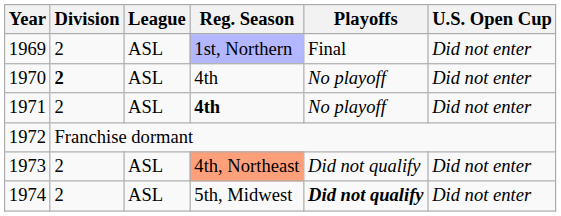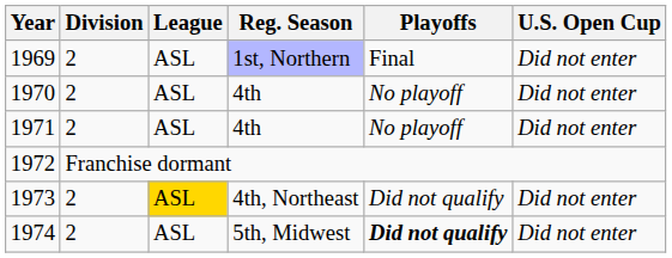 <table class="wikitable">
 <tr>
 <th>Year</th>
 <th>Division</th>
 <th>League</th>
 <th>Reg. Season</th>
 <th>Playoffs</th>
 <th>U.S. Open Cup</th>
 </tr>
 <tr>
 <td>1969</td>
 <td>2</td>
 <td>ASL</td>
 <td bgcolor="B3B7FF">1st, Northern</td>
 <td>Final</td>
 <td><em>Did not enter</em></td>
 </tr>
 <tr>
 <td>1970</td>
-<td><strong>2</strong></td>
+<td>2</td>
 <td>ASL</td>
 <td>4th</td>
 <td><em>No playoff</em></td>
 <td><em>Did not enter</em></td>
 </tr>
 <tr>
 <td>1971</td>
 <td>2</td>
 <td>ASL</td>
-<td><strong>4th</strong></td>
+<td>4th</td>
 <td><em>No playoff</em></td>
 <td><em>Did not enter</em></td>
 </tr>
 <tr>
 <td>1972</td>
 <td colspan=5>Franchise dormant</td>
 </tr>
 <tr>
 <td>1973</td>
 <td>2</td>
-<td>ASL</td>
-<td style="background: lightsalmon;">4th, Northeast</td>
+<td style="background: gold;">ASL</td>
+<td>4th, Northeast</td>
 <td><em>Did not qualify</em></td>
 <td><em>Did not enter</em></td>
 </tr>
 <tr>
 <td>1974</td>
 <td>2</td>
 <td>ASL</td>
 <td>5th, Midwest</td>
 <td><strong><em>Did not qualify</em></strong></td>
 <td><em>Did not enter</em></td>
 </tr>
 </table>
